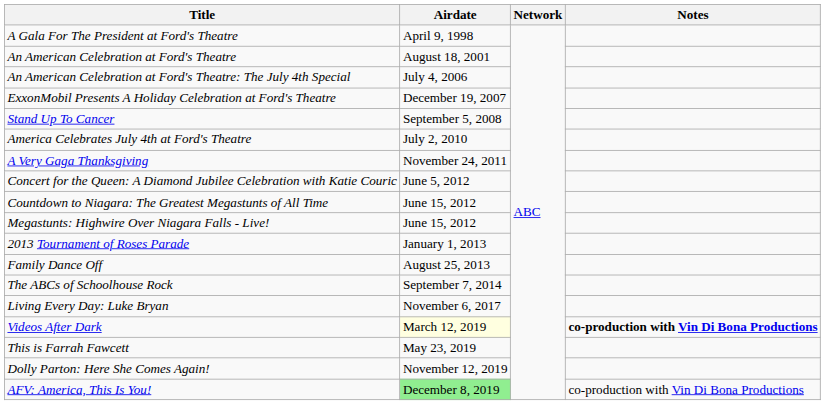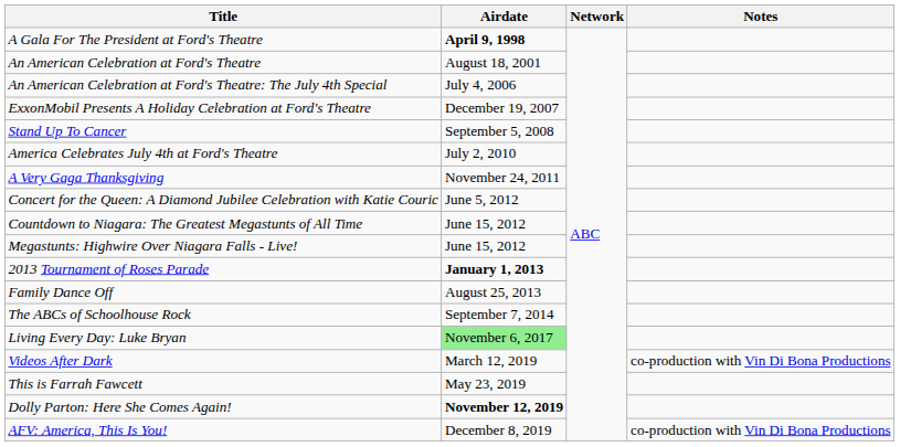 <table class="wikitable sortable">
 <tr>
 <th>Title</th>
 <th>Airdate</th>
 <th>Network</th>
 <th>Notes</th>
 </tr>
 <tr>
 <td><em>A Gala For The President at Ford's Theatre</em></td>
-<td>April 9, 1998</td>
+<td><strong>April 9, 1998</strong></td>
 <td rowspan="19"><a href='#'>ABC</a></td>
 <td></td>
 </tr>
 <tr>
 <td><em>An American Celebration at Ford's Theatre</em></td>
 <td>August 18, 2001</td>
 <td></td>
 </tr>
 <tr>
 <td><em>An American Celebration at Ford's Theatre: The July 4th Special</em></td>
 <td>July 4, 2006</td>
 <td></td>
 </tr>
 <tr>
 <td><em>ExxonMobil Presents A Holiday Celebration at Ford's Theatre</em></td>
 <td>December 19, 2007</td>
 <td></td>
 </tr>
 <tr>
 <td><em><a href='#'>Stand Up To Cancer</a></em></td>
 <td>September 5, 2008</td>
 <td></td>
 </tr>
 <tr>
 <td><em>America Celebrates July 4th at Ford's Theatre</em></td>
 <td>July 2, 2010</td>
 <td></td>
 </tr>
 <tr>
 <td><em><a href='#'>A Very Gaga Thanksgiving</a></em></td>
 <td>November 24, 2011</td>
 <td></td>
 </tr>
 <tr>
 <td><em>Concert for the Queen: A Diamond Jubilee Celebration with Katie Couric</em></td>
 <td>June 5, 2012</td>
 <td></td>
 </tr>
 <tr>
 <td><em>Countdown to Niagara: The Greatest Megastunts of All Time</em></td>
 <td>June 15, 2012</td>
 <td></td>
 </tr>
 <tr>
 <td><em>Megastunts: Highwire Over Niagara Falls - Live!</em></td>
 <td>June 15, 2012</td>
 <td></td>
 </tr>
 <tr>
 <td><em>2013 <a href='#'>Tournament of Roses Parade</a></em></td>
-<td>January 1, 2013</td>
+<td><strong>January 1, 2013</strong></td>
 <td></td>
 </tr>
 <tr>
 <td><em>Family Dance Off</em></td>
 <td>August 25, 2013</td>
 <td></td>
 </tr>
 <tr>
 <td><em>The ABCs of Schoolhouse Rock</em></td>
 <td>September 7, 2014</td>
 <td></td>
 </tr>
 <tr>
 <td><em>Living Every Day: Luke Bryan</em></td>
-<td>November 6, 2017</td>
+<td style="background: lightgreen;">November 6, 2017</td>
 <td></td>
 </tr>
 <tr>
 <td><em><a href='#'>Videos After Dark</a></em></td>
-<td style="background: lightyellow;">March 12, 2019</td>
-<td><strong>co-production with <a href='#'>Vin Di Bona Productions</a></strong></td>
+<td>March 12, 2019</td>
+<td>co-production with <a href='#'>Vin Di Bona Productions</a></td>
 </tr>
 <tr>
 <td><em>This is Farrah Fawcett</em></td>
 <td>May 23, 2019</td>
 <td></td>
 </tr>
 <tr>
 <td><em>Dolly Parton: Here She Comes Again!</em></td>
-<td>November 12, 2019</td>
+<td><strong>November 12, 2019</strong></td>
 <td></td>
 </tr>
 <tr>
 <td><em><a href='#'>AFV: America, This Is You!</a></em></td>
-<td style="background: lightgreen;">December 8, 2019</td>
+<td>December 8, 2019</td>
 <td>co-production with <a href='#'>Vin Di Bona Productions</a></td>
 </tr>
 </table>
